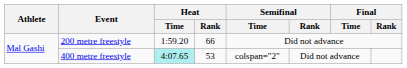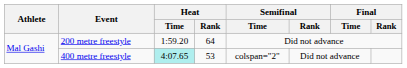 <table class="wikitable" style="text-align:center; font-size:90%; width:50%;">
 <tr>
 <th rowspan="2">Athlete</th>
 <th rowspan="2">Event</th>
 <th colspan="2">Heat</th>
 <th colspan="2">Semifinal</th>
 <th colspan="2">Final</th>
 </tr>
 <tr style="font-size:95%">
 <th>Time</th>
 <th>Rank</th>
 <th>Time</th>
 <th>Rank</th>
 <th>Time</th>
 <th>Rank</th>
 </tr>
 <tr>
 <td align=left rowspan=2><a href='#'>Mal Gashi</a></td>
 <td align=left><a href='#'>200 metre freestyle</a></td>
 <td>1:59.20</td>
-<td>66</td>
+<td>64</td>
 <td colspan=4>Did not advance</td>
 </tr>
 <tr>
 <td align=left><a href='#'>400 metre freestyle</a></td>
 <td style="background: paleturquoise;">4:07.65</td>
 <td>53</td>
 <td>colspan="2" </td>
 <td colspan="2">Did not advance</td>
 </tr>
 </table>
